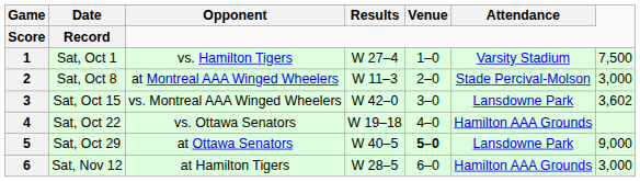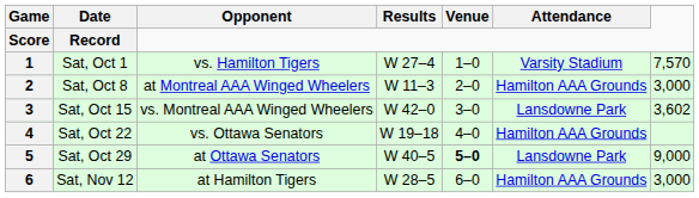 <table class="wikitable" style="text-align:center">
 <tr>
 <th>Game</th>
 <th>Date</th>
 <th>Opponent</th>
 <th>Results</th>
 <th>Venue</th>
 <th>Attendance</th>
 </tr>
 <tr>
 <th>Score</th>
 <th>Record</th>
 </tr>
 <tr style="background:#ddffdd">
 <th>1</th>
 <td>Sat, Oct 1</td>
 <td>vs. <a href='#'>Hamilton Tigers</a></td>
 <td>W 27–4</td>
 <td>1–0</td>
 <td><a href='#'>Varsity Stadium</a></td>
-<td>7,500</td>
+<td>7,570</td>
 </tr>
 <tr style="background:#ddffdd">
 <th>2</th>
 <td>Sat, Oct 8</td>
 <td>at <a href='#'>Montreal AAA Winged Wheelers</a></td>
 <td>W 11–3</td>
 <td>2–0</td>
-<td><a href='#'>Stade Percival-Molson</a></td>
+<td><a href='#'>Hamilton AAA Grounds</a></td>
 <td>3,000</td>
 </tr>
 <tr style="background:#ddffdd">
 <th>3</th>
 <td>Sat, Oct 15</td>
 <td>vs. Montreal AAA Winged Wheelers</td>
 <td>W 42–0</td>
 <td>3–0</td>
 <td><a href='#'>Lansdowne Park</a></td>
 <td>3,602</td>
 </tr>
 <tr style="background:#ddffdd">
 <th>4</th>
 <td>Sat, Oct 22</td>
 <td>vs. Ottawa Senators</td>
 <td>W 19–18</td>
 <td>4–0</td>
 <td><a href='#'>Hamilton AAA Grounds</a></td>
 <td></td>
 </tr>
 <tr style="background:#ddffdd">
 <th>5</th>
 <td>Sat, Oct 29</td>
 <td>at <a href='#'>Ottawa Senators</a></td>
 <td>W 40–5</td>
 <td><strong>5–0</strong></td>
 <td><a href='#'>Lansdowne Park</a></td>
 <td>9,000</td>
 </tr>
 <tr style="background:#ddffdd">
 <th>6</th>
 <td>Sat, Nov 12</td>
 <td>at Hamilton Tigers</td>
 <td>W 28–5</td>
 <td>6–0</td>
 <td><a href='#'>Hamilton AAA Grounds</a></td>
 <td>3,000</td>
 </tr>
 </table>
